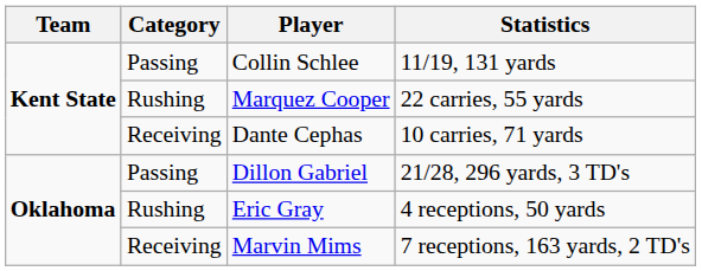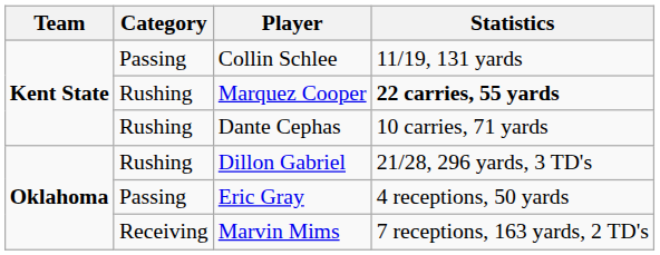 <table class="wikitable" style="float: right;">
 <tr>
 <th>Team</th>
 <th>Category</th>
 <th>Player</th>
 <th>Statistics</th>
 </tr>
 <tr>
 <td rowspan=3><strong>Kent State</strong></td>
 <td>Passing</td>
 <td>Collin Schlee</td>
 <td>11/19, 131 yards</td>
 </tr>
 <tr>
 <td>Rushing</td>
 <td><a href='#'>Marquez Cooper</a></td>
-<td>22 carries, 55 yards</td>
+<td><strong>22 carries, 55 yards</strong></td>
 </tr>
 <tr>
-<td>Receiving</td>
+<td>Rushing</td>
 <td>Dante Cephas</td>
 <td>10 carries, 71 yards</td>
 </tr>
 <tr>
 <td rowspan=3><strong>Oklahoma</strong></td>
-<td>Passing</td>
+<td>Rushing</td>
 <td><a href='#'>Dillon Gabriel</a></td>
 <td>21/28, 296 yards, 3 TD's</td>
 </tr>
 <tr>
-<td>Rushing</td>
+<td>Passing</td>
 <td><a href='#'>Eric Gray</a></td>
 <td>4 receptions, 50 yards</td>
 </tr>
 <tr>
 <td>Receiving</td>
 <td><a href='#'>Marvin Mims</a></td>
 <td>7 receptions, 163 yards, 2 TD's</td>
 </tr>
 </table>
